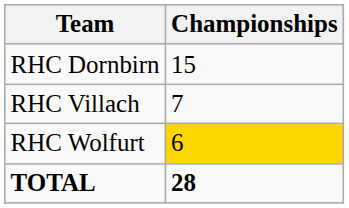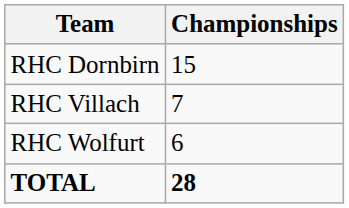 <table class="wikitable">
 <tr>
 <th>Team</th>
 <th>Championships</th>
 </tr>
 <tr>
 <td>RHC Dornbirn</td>
 <td>15</td>
 </tr>
 <tr>
 <td>RHC Villach</td>
 <td>7</td>
 </tr>
 <tr>
 <td>RHC Wolfurt</td>
-<td style="background: gold;">6</td>
+<td>6</td>
 </tr>
 <tr>
 <td><strong>TOTAL</strong></td>
 <td><strong>28</strong></td>
 </tr>
 </table>
